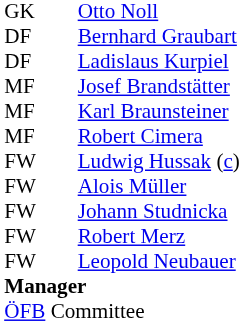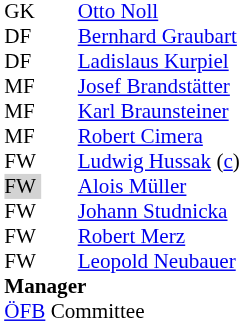 <table style="font-size:90%; margin:0.2em auto;" cellspacing="0" cellpadding="0">
 <tr>
 <th width="25"></th>
 <th width="25"></th>
 </tr>
 <tr>
 <td>GK</td>
 <td></td>
 <td><a href='#'>Otto Noll</a></td>
 </tr>
 <tr>
 <td>DF</td>
 <td></td>
 <td><a href='#'>Bernhard Graubart</a></td>
 </tr>
 <tr>
 <td>DF</td>
 <td></td>
 <td><a href='#'>Ladislaus Kurpiel</a></td>
 </tr>
 <tr>
 <td>MF</td>
 <td></td>
 <td><a href='#'>Josef Brandstätter</a></td>
 </tr>
 <tr>
 <td>MF</td>
 <td></td>
 <td><a href='#'>Karl Braunsteiner</a></td>
 </tr>
 <tr>
 <td>MF</td>
 <td></td>
 <td><a href='#'>Robert Cimera</a></td>
 </tr>
 <tr>
 <td>FW</td>
 <td></td>
 <td><a href='#'>Ludwig Hussak</a> (<a href='#'>c</a>)</td>
 </tr>
 <tr>
-<td>FW</td>
+<td style="background: lightgrey;">FW</td>
 <td></td>
 <td><a href='#'>Alois Müller</a></td>
 </tr>
 <tr>
 <td>FW</td>
 <td></td>
 <td><a href='#'>Johann Studnicka</a></td>
 </tr>
 <tr>
 <td>FW</td>
 <td></td>
 <td><a href='#'>Robert Merz</a></td>
 </tr>
 <tr>
 <td>FW</td>
 <td></td>
 <td><a href='#'>Leopold Neubauer</a></td>
 </tr>
 <tr>
 <td colspan=3><strong>Manager</strong></td>
 </tr>
 <tr>
 <td colspan=4> <a href='#'>ÖFB</a> Committee</td>
 </tr>
 </table>
